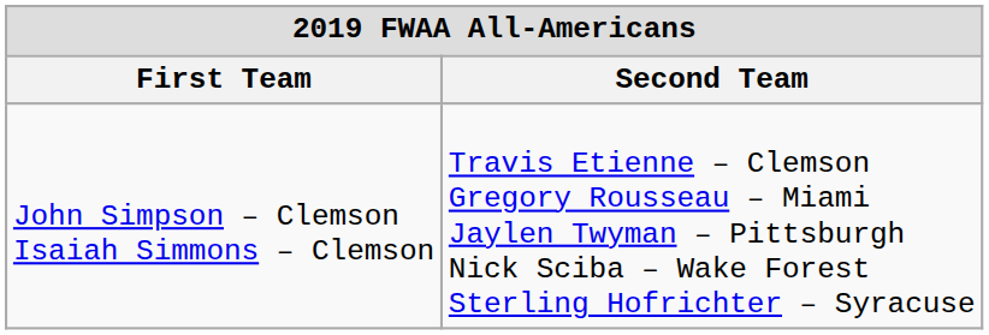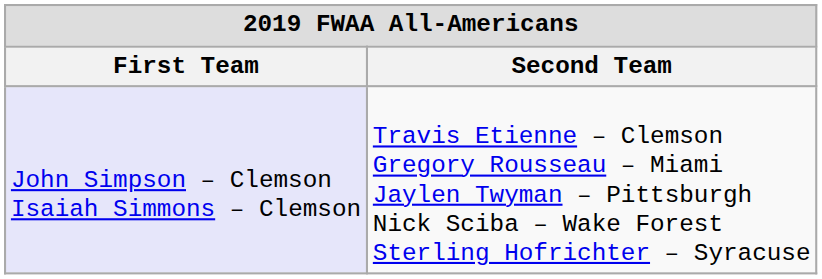 <table class="wikitable" style="white-space:nowrap; font-size:90%;">
 <tr>
 <td colspan="7" style="text-align:center; background:#ddd;"><strong>2019 FWAA All-Americans</strong></td>
 </tr>
 <tr>
 <th>First Team</th>
 <th>Second Team</th>
 </tr>
 <tr>
-<td><br><a href='#'>John Simpson</a> – Clemson<br> <a href='#'>Isaiah Simmons</a> – Clemson</td>
+<td style="background: lavender;"><br><a href='#'>John Simpson</a> – Clemson<br> <a href='#'>Isaiah Simmons</a> – Clemson</td>
 <td><br><a href='#'>Travis Etienne</a> – Clemson<br> <a href='#'>Gregory Rousseau</a> – Miami<br> <a href='#'>Jaylen Twyman</a> – Pittsburgh<br> Nick Sciba – Wake Forest<br> <a href='#'>Sterling Hofrichter</a> – Syracuse</td>
 </tr>
 </table>
